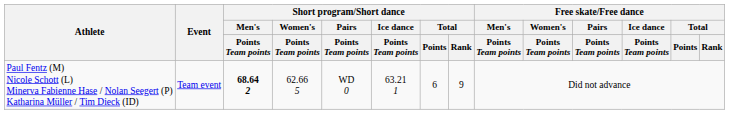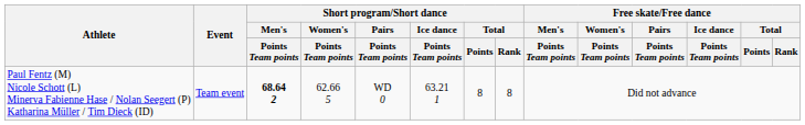 <table class="wikitable" style="font-size:90%">
 <tr>
 <th rowspan=3>Athlete</th>
 <th rowspan=3>Event</th>
 <th colspan=6>Short program/Short dance</th>
 <th colspan=6>Free skate/Free dance</th>
 </tr>
 <tr style="font-size:95%">
 <th>Men's</th>
 <th>Women's</th>
 <th>Pairs</th>
 <th>Ice dance</th>
 <th colspan=2>Total</th>
 <th>Men's</th>
 <th>Women's</th>
 <th>Pairs</th>
 <th>Ice dance</th>
 <th colspan=2>Total</th>
 </tr>
 <tr style="font-size:95%">
 <th>Points<br><em>Team points</em></th>
 <th>Points<br><em>Team points</em></th>
 <th>Points<br><em>Team points</em></th>
 <th>Points<br><em>Team points</em></th>
 <th>Points</th>
 <th>Rank</th>
 <th>Points<br><em>Team points</em></th>
 <th>Points<br><em>Team points</em></th>
 <th>Points<br><em>Team points</em></th>
 <th>Points<br><em>Team points</em></th>
 <th>Points</th>
 <th>Rank</th>
 </tr>
 <tr align=center>
 <td align=left><a href='#'>Paul Fentz</a> (M)<br><a href='#'>Nicole Schott</a> (L)<br><a href='#'>Minerva Fabienne Hase</a> / <a href='#'>Nolan Seegert</a> (P)<br><a href='#'>Katharina Müller</a> / <a href='#'>Tim Dieck</a> (ID)</td>
 <td align=left><a href='#'>Team event</a></td>
 <td><strong>68.64<br><em>2</em></strong></td>
 <td>62.66<br><em>5</em></td>
 <td>WD<br><em>0</em></td>
 <td>63.21<br><em>1</em></td>
-<td>6</td>
-<td>9</td>
+<td>8</td>
+<td>8</td>
 <td colspan=6>Did not advance</td>
 </tr>
 </table>
